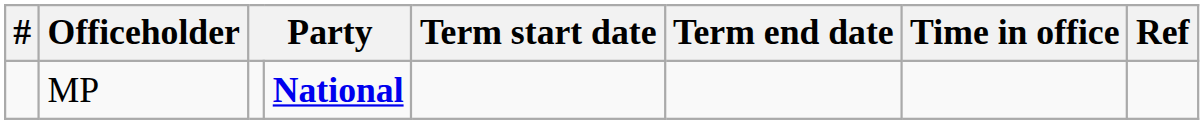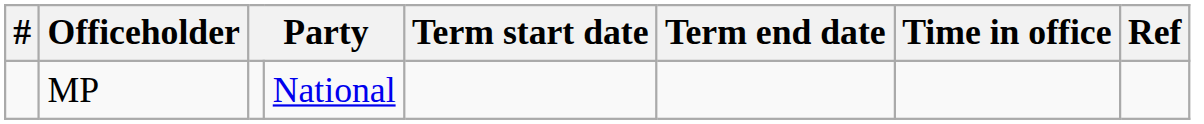 <table class='wikitable sortable'>
 <tr>
 <th>#</th>
 <th>Officeholder</th>
 <th colspan="2">Party</th>
 <th>Term start date</th>
 <th>Term end date</th>
 <th>Time in office</th>
 <th class="unsortable">Ref</th>
 </tr>
 <tr>
 <td align=center></td>
 <td> MP</td>
 <td></td>
-<td><strong><a href='#'>National</a></strong></td>
+<td><a href='#'>National</a></td>
 <td align=center></td>
 <td align=center></td>
 <td align=right></td>
 <td></td>
 </tr>
 </table>
